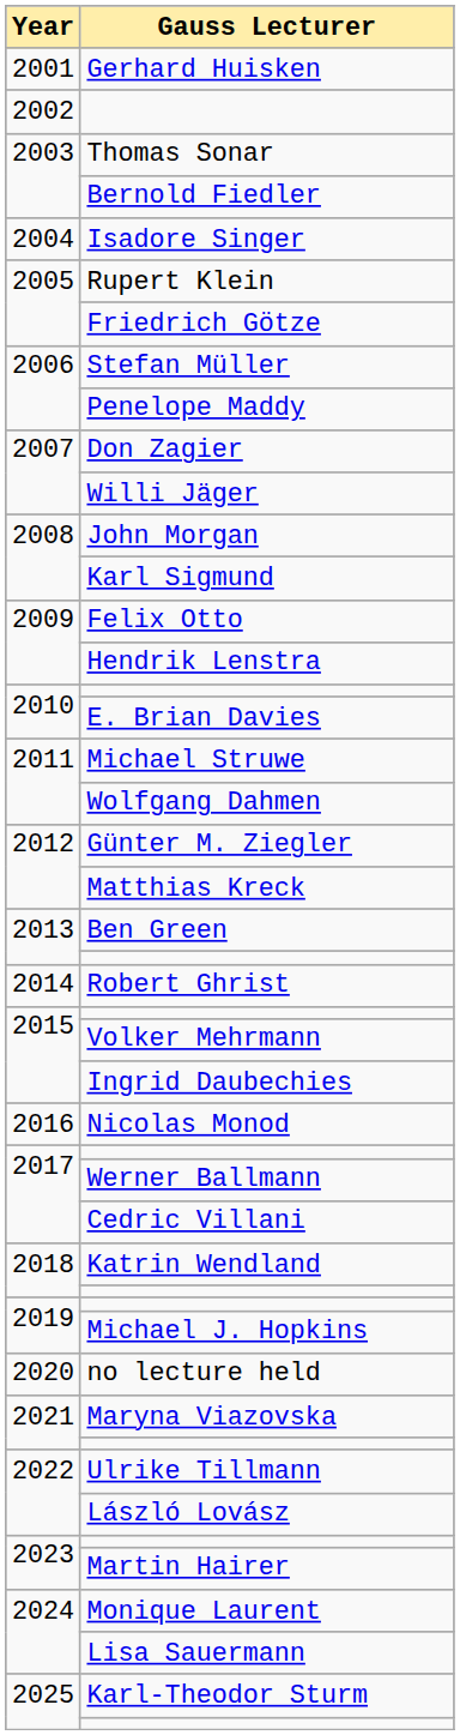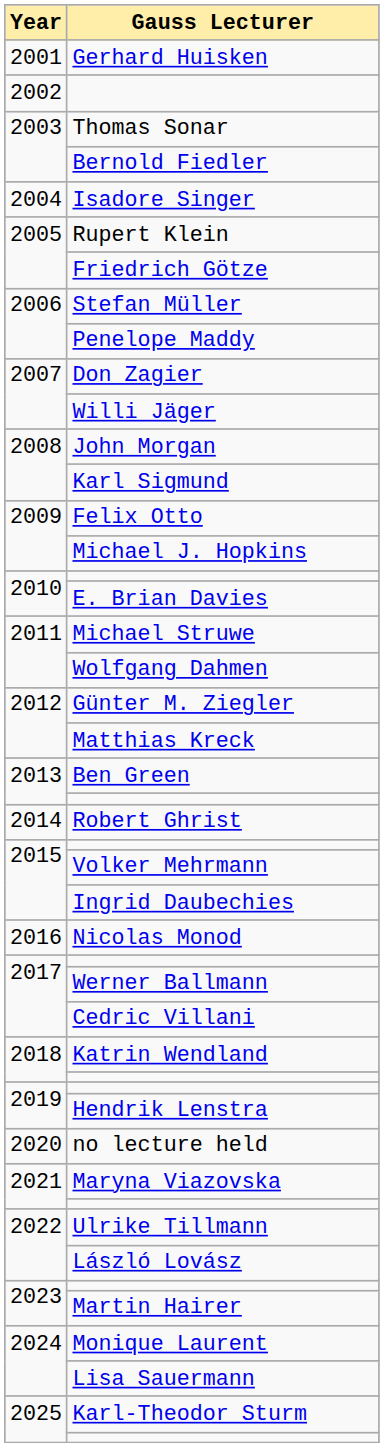 <table class="wikitable">
 <tr style="vertical-align:top">
 <th style="background:#FFEEAA">Year</th>
 <th style="background:#FFEEAA;width:180px;">Gauss Lecturer</th>
 </tr>
 <tr style="vertical-align:top">
 <td>2001</td>
 <td><a href='#'>Gerhard Huisken</a></td>
 </tr>
 <tr style="vertical-align:top">
 <td>2002</td>
 <td></td>
 </tr>
 <tr style="vertical-align:top">
 <td rowspan="2">2003</td>
 <td>Thomas Sonar</td>
 </tr>
 <tr style="vertical-align:top">
 <td><a href='#'>Bernold Fiedler</a></td>
 </tr>
 <tr style="vertical-align:top">
 <td>2004</td>
 <td><a href='#'>Isadore Singer</a></td>
 </tr>
 <tr style="vertical-align:top">
 <td rowspan="2">2005</td>
 <td>Rupert Klein</td>
 </tr>
 <tr style="vertical-align:top">
 <td><a href='#'>Friedrich Götze</a></td>
 </tr>
 <tr style="vertical-align:top">
 <td rowspan="2">2006</td>
 <td><a href='#'>Stefan Müller</a></td>
 </tr>
 <tr style="vertical-align:top">
 <td><a href='#'>Penelope Maddy</a></td>
 </tr>
 <tr style="vertical-align:top">
 <td rowspan="2">2007</td>
 <td><a href='#'>Don Zagier</a></td>
 </tr>
 <tr style="vertical-align:top">
 <td><a href='#'>Willi Jäger</a></td>
 </tr>
 <tr style="vertical-align:top">
 <td rowspan="2">2008</td>
 <td><a href='#'>John Morgan</a></td>
 </tr>
 <tr style="vertical-align:top">
 <td><a href='#'>Karl Sigmund</a></td>
 </tr>
 <tr style="vertical-align:top">
 <td rowspan="2">2009</td>
 <td><a href='#'>Felix Otto</a></td>
 </tr>
 <tr style="vertical-align:top">
-<td><a href='#'>Hendrik Lenstra</a></td>
+<td><a href='#'>Michael J. Hopkins</a></td>
 </tr>
 <tr style="vertical-align:top">
 <td rowspan="2">2010</td>
 <td></td>
 </tr>
 <tr style="vertical-align:top">
 <td><a href='#'>E. Brian Davies</a></td>
 </tr>
 <tr style="vertical-align:top">
 <td rowspan="2">2011</td>
 <td><a href='#'>Michael Struwe</a></td>
 </tr>
 <tr style="vertical-align:top">
 <td><a href='#'>Wolfgang Dahmen</a></td>
 </tr>
 <tr style="vertical-align:top">
 <td rowspan="2">2012</td>
 <td><a href='#'>Günter M. Ziegler</a></td>
 </tr>
 <tr style="vertical-align:top">
 <td><a href='#'>Matthias Kreck</a></td>
 </tr>
 <tr style="vertical-align:top">
 <td rowspan="2">2013</td>
 <td><a href='#'>Ben Green</a></td>
 </tr>
 <tr style="vertical-align:top">
 <td></td>
 </tr>
 <tr style="vertical-align:top">
 <td>2014</td>
 <td><a href='#'>Robert Ghrist</a></td>
 </tr>
 <tr style="vertical-align:top">
 <td rowspan="3">2015</td>
 <td></td>
 </tr>
 <tr style="vertical-align:top">
 <td><a href='#'>Volker Mehrmann</a></td>
 </tr>
 <tr style="vertical-align:top">
 <td><a href='#'>Ingrid Daubechies</a></td>
 </tr>
 <tr style="vertical-align:top">
 <td>2016</td>
 <td><a href='#'>Nicolas Monod</a></td>
 </tr>
 <tr style="vertical-align:top">
 <td rowspan="3">2017</td>
 <td></td>
 </tr>
 <tr style="vertical-align:top">
 <td><a href='#'>Werner Ballmann</a></td>
 </tr>
 <tr style="vertical-align:top">
 <td><a href='#'>Cedric Villani</a></td>
 </tr>
 <tr style="vertical-align:top">
 <td rowspan="2">2018</td>
 <td><a href='#'>Katrin Wendland</a></td>
 </tr>
 <tr style="vertical-align:top">
 <td></td>
 </tr>
 <tr style="vertical-align:top">
 <td rowspan="2">2019</td>
 <td></td>
 </tr>
 <tr style="vertical-align:top">
-<td><a href='#'>Michael J. Hopkins</a></td>
+<td><a href='#'>Hendrik Lenstra</a></td>
 </tr>
 <tr style="vertical-align:top">
 <td rowspan="1">2020</td>
 <td>no lecture held</td>
 </tr>
 <tr style="vertical-align:top">
 <td rowspan="2">2021</td>
 <td><a href='#'>Maryna Viazovska</a></td>
 </tr>
 <tr style="vertical-align:top">
 <td></td>
 </tr>
 <tr style="vertical-align:top">
 <td rowspan="2">2022</td>
 <td><a href='#'>Ulrike Tillmann</a></td>
 </tr>
 <tr style="vertical-align:top">
 <td><a href='#'>László Lovász</a></td>
 </tr>
 <tr style="vertical-align:top">
 <td rowspan="2">2023</td>
 <td></td>
 </tr>
 <tr style="vertical-align:top">
 <td><a href='#'>Martin Hairer</a></td>
 </tr>
 <tr style="vertical-align:top">
 <td rowspan="2">2024</td>
 <td><a href='#'>Monique Laurent</a></td>
 </tr>
 <tr style="vertical-align:top">
 <td><a href='#'>Lisa Sauermann</a></td>
 </tr>
 <tr style="vertical-align:top">
 <td rowspan="2">2025</td>
 <td><a href='#'>Karl-Theodor Sturm</a></td>
 </tr>
 <tr style="vertical-align:top">
 <td></td>
 </tr>
 <tr style="vertical-align:top">
 </tr>
 </table>
